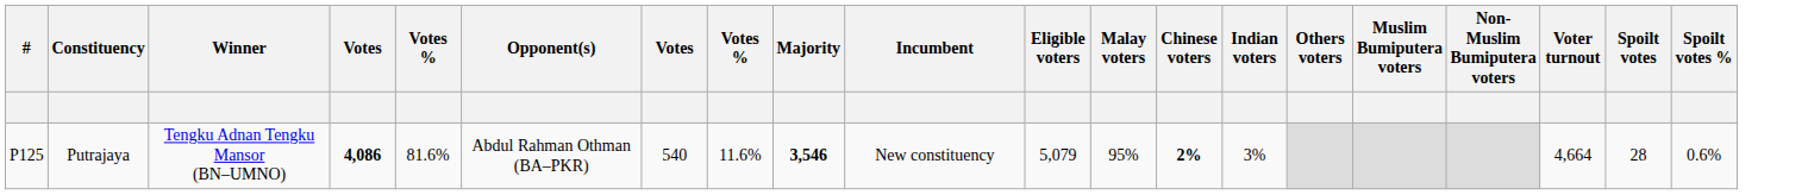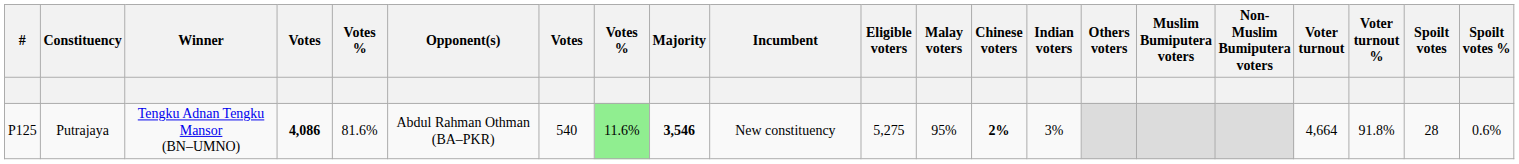 <table class="wikitable sortable" style="text-align:center; font-size:90%">
 <tr>
 <th width="30">#</th>
 <th width="60">Constituency</th>
 <th width="150">Winner</th>
 <th width="50">Votes</th>
 <th width="50">Votes %</th>
 <th width="150">Opponent(s)</th>
 <th width="50">Votes</th>
 <th width="50">Votes %</th>
 <th width="50">Majority</th>
 <th width="150">Incumbent</th>
 <th width="50">Eligible voters</th>
 <th width="50">Malay voters</th>
 <th width="50">Chinese voters</th>
 <th width="50">Indian voters</th>
 <th width="50">Others voters</th>
 <th width="50">Muslim Bumiputera voters</th>
 <th width="50">Non-Muslim Bumiputera voters</th>
 <th width="50">Voter turnout</th>
+<th width="50">Voter turnout %</th>
 <th width="50">Spoilt votes</th>
 <th width="50">Spoilt votes %</th>
 </tr>
 <tr>
 <th height="20"></th>
+<th></th>
 <th></th>
 <th></th>
 <th></th>
 <th></th>
 <th></th>
 <th></th>
 <th></th>
 <th></th>
 <th></th>
 <th></th>
 <th></th>
 <th></th>
 <th></th>
 <th></th>
 <th></th>
 <th></th>
 <th></th>
 <th></th>
 <th></th>
 </tr>
 <tr>
 <td>P125</td>
 <td>Putrajaya</td>
 <td><a href='#'>Tengku Adnan Tengku Mansor</a><br>(BN–UMNO)</td>
 <td><strong>4,086</strong></td>
 <td>81.6%</td>
 <td>Abdul Rahman Othman<br>(BA–PKR)</td>
 <td>540</td>
-<td>11.6%</td>
+<td style="background: lightgreen;">11.6%</td>
 <td><strong>3,546</strong></td>
 <td>New constituency</td>
-<td>5,079</td>
+<td>5,275</td>
 <td>95%</td>
 <td><strong>2%</strong></td>
 <td>3%</td>
 <td bgcolor="dcdcdc"></td>
 <td bgcolor="dcdcdc"></td>
 <td bgcolor="dcdcdc"></td>
 <td>4,664</td>
+<td>91.8%</td>
 <td>28</td>
 <td>0.6%</td>
 </tr>
 </table>
